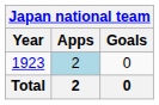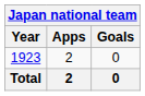 <table class="wikitable" style="text-align:center">
 <tr>
 <th colspan=3><a href='#'>Japan national team</a></th>
 </tr>
 <tr>
 <th>Year</th>
 <th>Apps</th>
 <th>Goals</th>
 </tr>
 <tr>
 <td><a href='#'>1923</a></td>
-<td style="background: lightblue;">2</td>
+<td>2</td>
 <td>0</td>
 </tr>
 <tr>
 <th>Total</th>
 <th>2</th>
 <th>0</th>
 </tr>
 </table>
